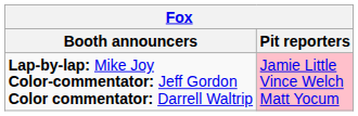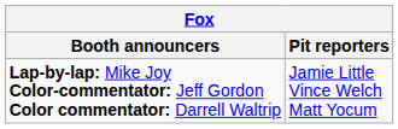 <table class="wikitable" style="font-size: 95%;">
 <tr>
 <th colspan="2"><a href='#'>Fox</a></th>
 </tr>
 <tr>
 <th>Booth announcers</th>
 <th>Pit reporters</th>
 </tr>
 <tr>
 <td><strong>Lap-by-lap:</strong> <a href='#'>Mike Joy</a><br><strong>Color-commentator:</strong> <a href='#'>Jeff Gordon</a><br><strong>Color commentator:</strong> <a href='#'>Darrell Waltrip</a></td>
-<td style="background: pink;"><a href='#'>Jamie Little</a><br><a href='#'>Vince Welch</a><br><a href='#'>Matt Yocum</a></td>
+<td><a href='#'>Jamie Little</a><br><a href='#'>Vince Welch</a><br><a href='#'>Matt Yocum</a></td>
 </tr>
 </table>
